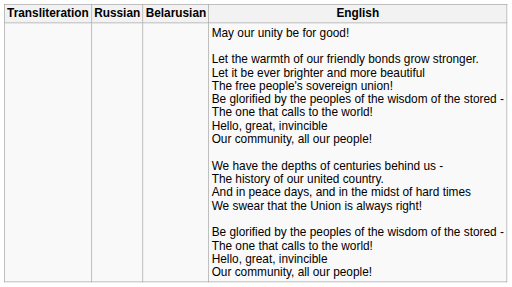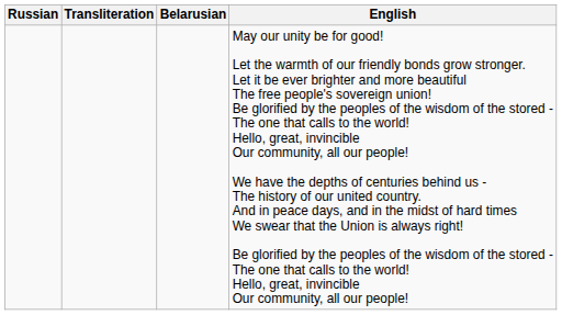 <table class="wikitable">
 <tr>
+<th>Russian</th>
 <th>Transliteration</th>
-<th>Russian</th>
 <th>Belarusian</th>
 <th>English</th>
 </tr>
 <tr>
+<td><br><br> <br> <br> <br><br><br> <br> <br> <br><br><br> <br> <br> <br><br><br> <br> <br> </td>
 <td><br><br><br> <br> <br><br> <br> <br> <br><br><br> <br> <br> <br><br><br> <br> <br> </td>
-<td><br><br> <br> <br> <br><br><br> <br> <br> <br><br><br> <br> <br> <br><br><br> <br> <br> </td>
 <td><br></td>
 <td>May our unity be for good! <br><br>Let the warmth of our friendly bonds grow stronger. <br> Let it be ever brighter and more beautiful <br> The free people's sovereign union! <br>Be glorified by the peoples of the wisdom of the stored - <br> The one that calls to the world! <br> Hello, great, invincible <br> Our community, all our people! <br><br>We have the depths of centuries behind us - <br> The history of our united country. <br> And in peace days, and in the midst of hard times <br> We swear that the Union is always right! <br><br>Be glorified by the peoples of the wisdom of the stored - <br> The one that calls to the world! <br> Hello, great, invincible <br> Our community, all our people!</td>
 </tr>
 </table>
